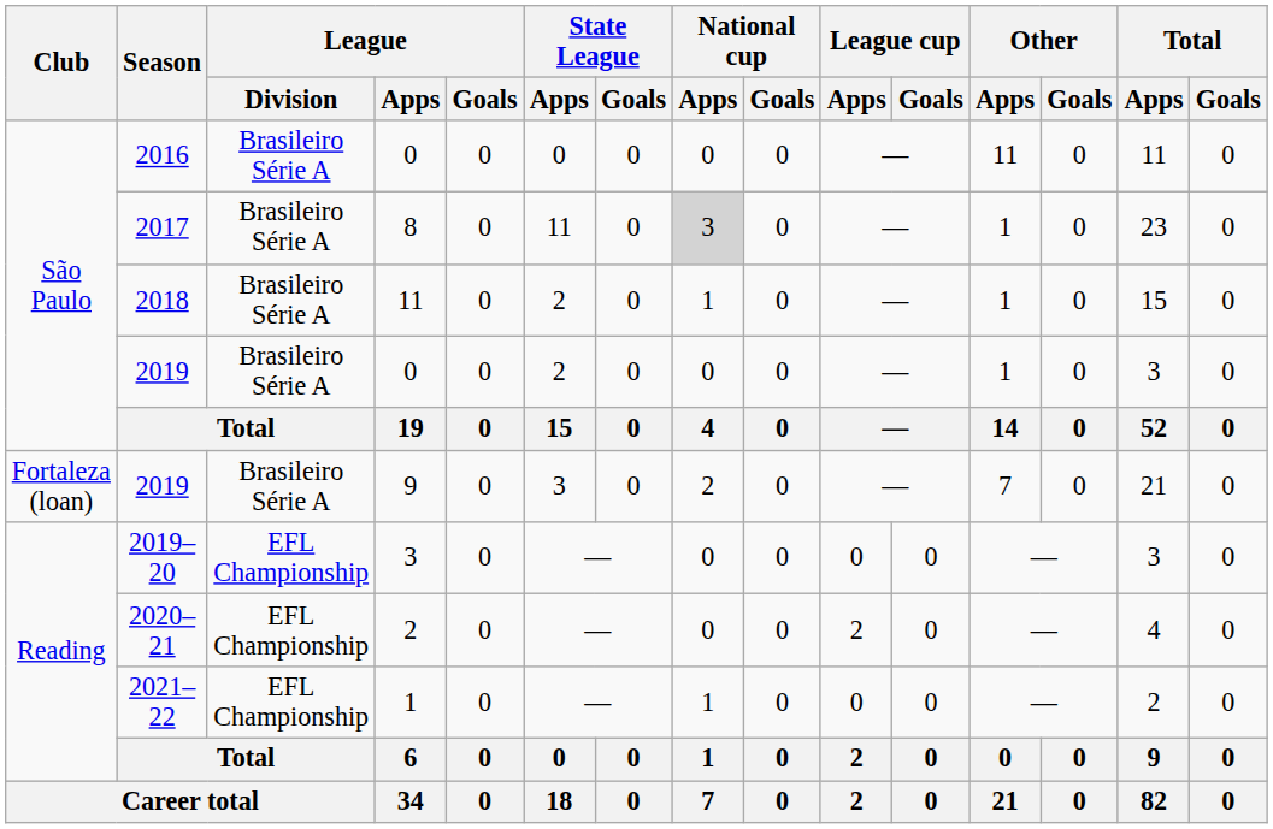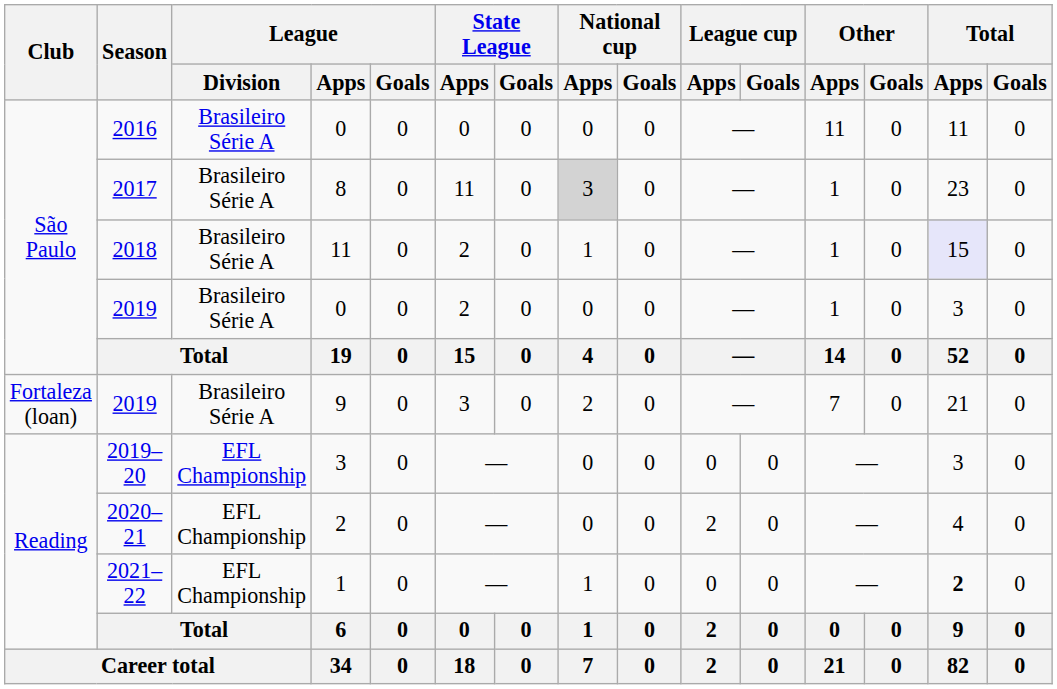 <table class="wikitable" style="text-align:center">
 <tr>
 <th rowspan="2">Club</th>
 <th rowspan="2">Season</th>
 <th colspan="3">League</th>
 <th colspan="2"><a href='#'>State League</a></th>
 <th colspan="2">National cup</th>
 <th colspan="2">League cup</th>
 <th colspan="2">Other</th>
 <th colspan="2">Total</th>
 </tr>
 <tr>
 <th>Division</th>
 <th>Apps</th>
 <th>Goals</th>
 <th>Apps</th>
 <th>Goals</th>
 <th>Apps</th>
 <th>Goals</th>
 <th>Apps</th>
 <th>Goals</th>
 <th>Apps</th>
 <th>Goals</th>
 <th>Apps</th>
 <th>Goals</th>
 </tr>
 <tr>
 <td rowspan="5"><a href='#'>São Paulo</a></td>
 <td><a href='#'>2016</a></td>
 <td><a href='#'>Brasileiro Série A</a></td>
 <td>0</td>
 <td>0</td>
 <td>0</td>
 <td>0</td>
 <td>0</td>
 <td>0</td>
 <td colspan="2">—</td>
 <td>11</td>
 <td>0</td>
 <td>11</td>
 <td>0</td>
 </tr>
 <tr>
 <td><a href='#'>2017</a></td>
 <td>Brasileiro Série A</td>
 <td>8</td>
 <td>0</td>
 <td>11</td>
 <td>0</td>
 <td style="background: lightgrey;">3</td>
 <td>0</td>
 <td colspan="2">—</td>
 <td>1</td>
 <td>0</td>
 <td>23</td>
 <td>0</td>
 </tr>
 <tr>
 <td><a href='#'>2018</a></td>
 <td>Brasileiro Série A</td>
 <td>11</td>
 <td>0</td>
 <td>2</td>
 <td>0</td>
 <td>1</td>
 <td>0</td>
 <td colspan="2">—</td>
 <td>1</td>
 <td>0</td>
-<td>15</td>
+<td style="background: lavender;">15</td>
 <td>0</td>
 </tr>
 <tr>
 <td><a href='#'>2019</a></td>
 <td>Brasileiro Série A</td>
 <td>0</td>
 <td>0</td>
 <td>2</td>
 <td>0</td>
 <td>0</td>
 <td>0</td>
 <td colspan="2">—</td>
 <td>1</td>
 <td>0</td>
 <td>3</td>
 <td>0</td>
 </tr>
 <tr>
 <th colspan="2">Total</th>
 <th>19</th>
 <th>0</th>
 <th>15</th>
 <th>0</th>
 <th>4</th>
 <th>0</th>
 <th colspan="2">—</th>
 <th>14</th>
 <th>0</th>
 <th>52</th>
 <th>0</th>
 </tr>
 <tr>
 <td><a href='#'>Fortaleza</a> (loan)</td>
 <td><a href='#'>2019</a></td>
 <td>Brasileiro Série A</td>
 <td>9</td>
 <td>0</td>
 <td>3</td>
 <td>0</td>
 <td>2</td>
 <td>0</td>
 <td colspan="2">—</td>
 <td>7</td>
 <td>0</td>
 <td>21</td>
 <td>0</td>
 </tr>
 <tr>
 <td rowspan="4"><a href='#'>Reading</a></td>
 <td><a href='#'>2019–20</a></td>
 <td><a href='#'>EFL Championship</a></td>
 <td>3</td>
 <td>0</td>
 <td colspan="2">—</td>
 <td>0</td>
 <td>0</td>
 <td>0</td>
 <td>0</td>
 <td colspan="2">—</td>
 <td>3</td>
 <td>0</td>
 </tr>
 <tr>
 <td><a href='#'>2020–21</a></td>
 <td>EFL Championship</td>
 <td>2</td>
 <td>0</td>
 <td colspan="2">—</td>
 <td>0</td>
 <td>0</td>
 <td>2</td>
 <td>0</td>
 <td colspan="2">—</td>
 <td>4</td>
 <td>0</td>
 </tr>
 <tr>
 <td><a href='#'>2021–22</a></td>
 <td>EFL Championship</td>
 <td>1</td>
 <td>0</td>
 <td colspan="2">—</td>
 <td>1</td>
 <td>0</td>
 <td>0</td>
 <td>0</td>
 <td colspan="2">—</td>
-<td>2</td>
+<td><strong>2</strong></td>
 <td>0</td>
 </tr>
 <tr>
 <th colspan="2">Total</th>
 <th>6</th>
 <th>0</th>
 <th>0</th>
 <th>0</th>
 <th>1</th>
 <th>0</th>
 <th>2</th>
 <th>0</th>
 <th>0</th>
 <th>0</th>
 <th>9</th>
 <th>0</th>
 </tr>
 <tr>
 <th colspan="3">Career total</th>
 <th>34</th>
 <th>0</th>
 <th>18</th>
 <th>0</th>
 <th>7</th>
 <th>0</th>
 <th>2</th>
 <th>0</th>
 <th>21</th>
 <th>0</th>
 <th>82</th>
 <th>0</th>
 </tr>
 </table>
